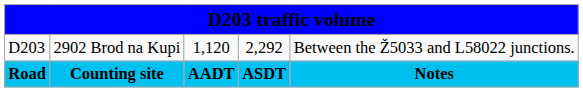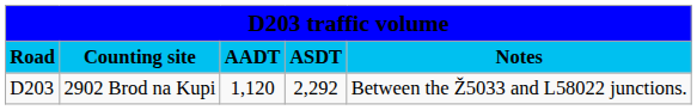 <table class="wikitable">
 <tr>
 <td colspan=5 bgcolor=blue align=center style=margin-top:15><span><big><strong>D203 traffic volume</strong></big></span></td>
+</tr>
+<tr>
+<td align=center bgcolor=00c0f0><strong>Road</strong></td>
+<td align=center bgcolor=00c0f0><strong>Counting site</strong></td>
+<td align=center bgcolor=00c0f0><strong>AADT</strong></td>
+<td align=center bgcolor=00c0f0><strong>ASDT</strong></td>
+<td align=center bgcolor=00c0f0><strong>Notes</strong></td>
 </tr>
 <tr>
 <td> D203</td>
 <td>2902 Brod na Kupi</td>
 <td align=center>1,120</td>
 <td align=center>2,292</td>
 <td>Between the Ž5033 and L58022 junctions.</td>
 </tr>
-<tr>
-<td align=center bgcolor=00c0f0><strong>Road</strong></td>
-<td align=center bgcolor=00c0f0><strong>Counting site</strong></td>
-<td align=center bgcolor=00c0f0><strong>AADT</strong></td>
-<td align=center bgcolor=00c0f0><strong>ASDT</strong></td>
-<td align=center bgcolor=00c0f0><strong>Notes</strong></td>
-</tr>
 </table>
